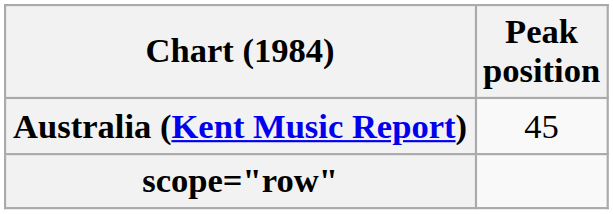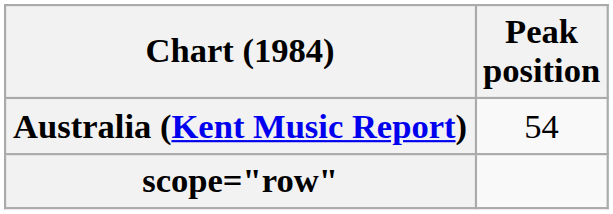 <table class="wikitable sortable plainrowheaders">
 <tr>
 <th scope="col">Chart (1984)</th>
 <th scope="col">Peak<br>position</th>
 </tr>
 <tr>
 <th scope="row">Australia (<a href='#'>Kent Music Report</a>)</th>
-<td style="text-align:center;">45</td>
+<td style="text-align:center;">54</td>
 </tr>
 <tr>
 <th>scope="row"</th>
 </tr>
 </table>
